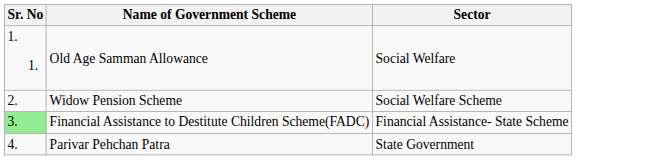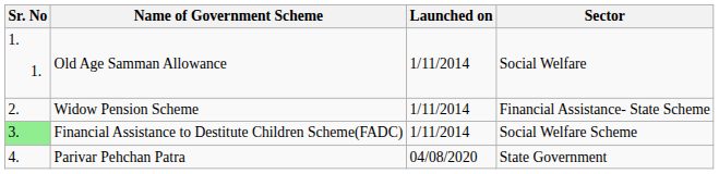 <table class="wikitable">
 <tr>
 <th>Sr. No</th>
 <th>Name of Government Scheme</th>
+<th>Launched on</th>
 <th>Sector</th>
 </tr>
 <tr>
 <td>1.<br><ol><li></li></ol></td>
 <td>Old Age Samman Allowance</td>
+<td>1/11/2014</td>
 <td>Social Welfare</td>
 </tr>
 <tr>
 <td>2.</td>
 <td>Widow Pension Scheme</td>
-<td>Social Welfare Scheme</td>
+<td>1/11/2014</td>
+<td>Financial Assistance- State Scheme</td>
 </tr>
 <tr>
 <td style="background: lightgreen;">3.</td>
 <td>Financial Assistance to Destitute Children Scheme(FADC)</td>
-<td>Financial Assistance- State Scheme</td>
+<td>1/11/2014</td>
+<td>Social Welfare Scheme</td>
 </tr>
 <tr>
 <td>4.</td>
 <td>Parivar Pehchan Patra</td>
+<td>04/08/2020</td>
 <td>State Government</td>
 </tr>
 </table>
